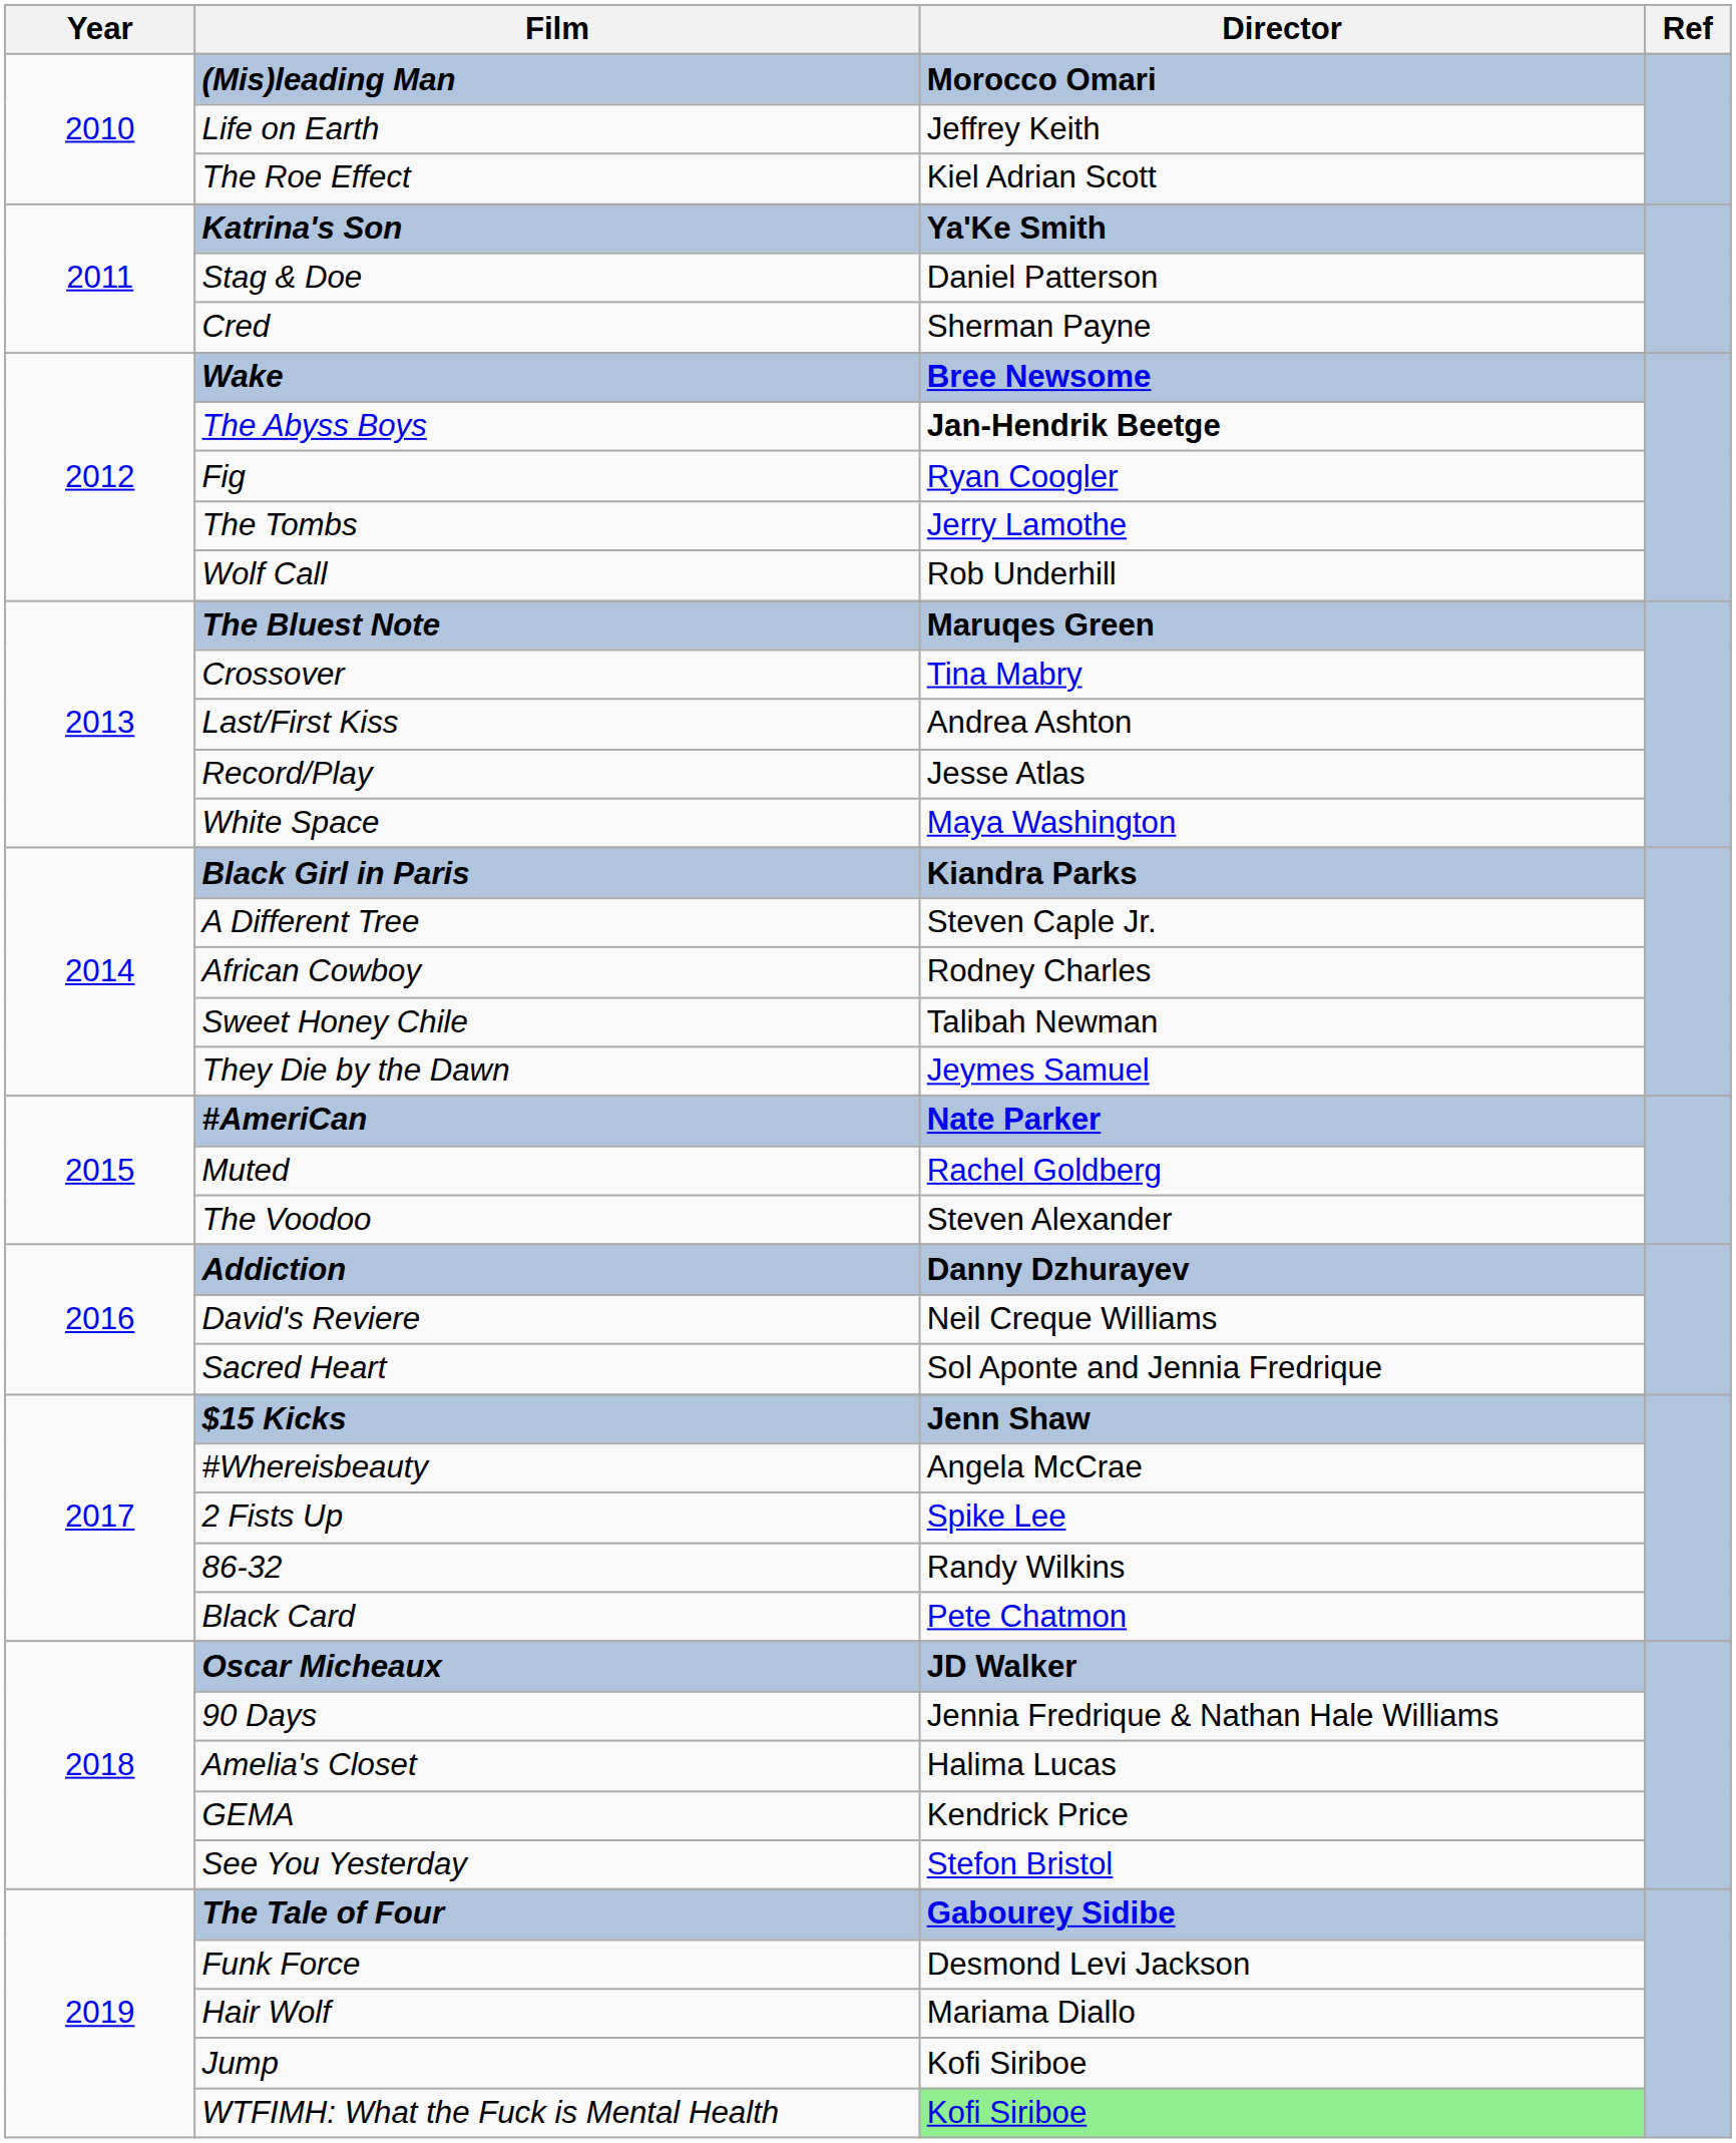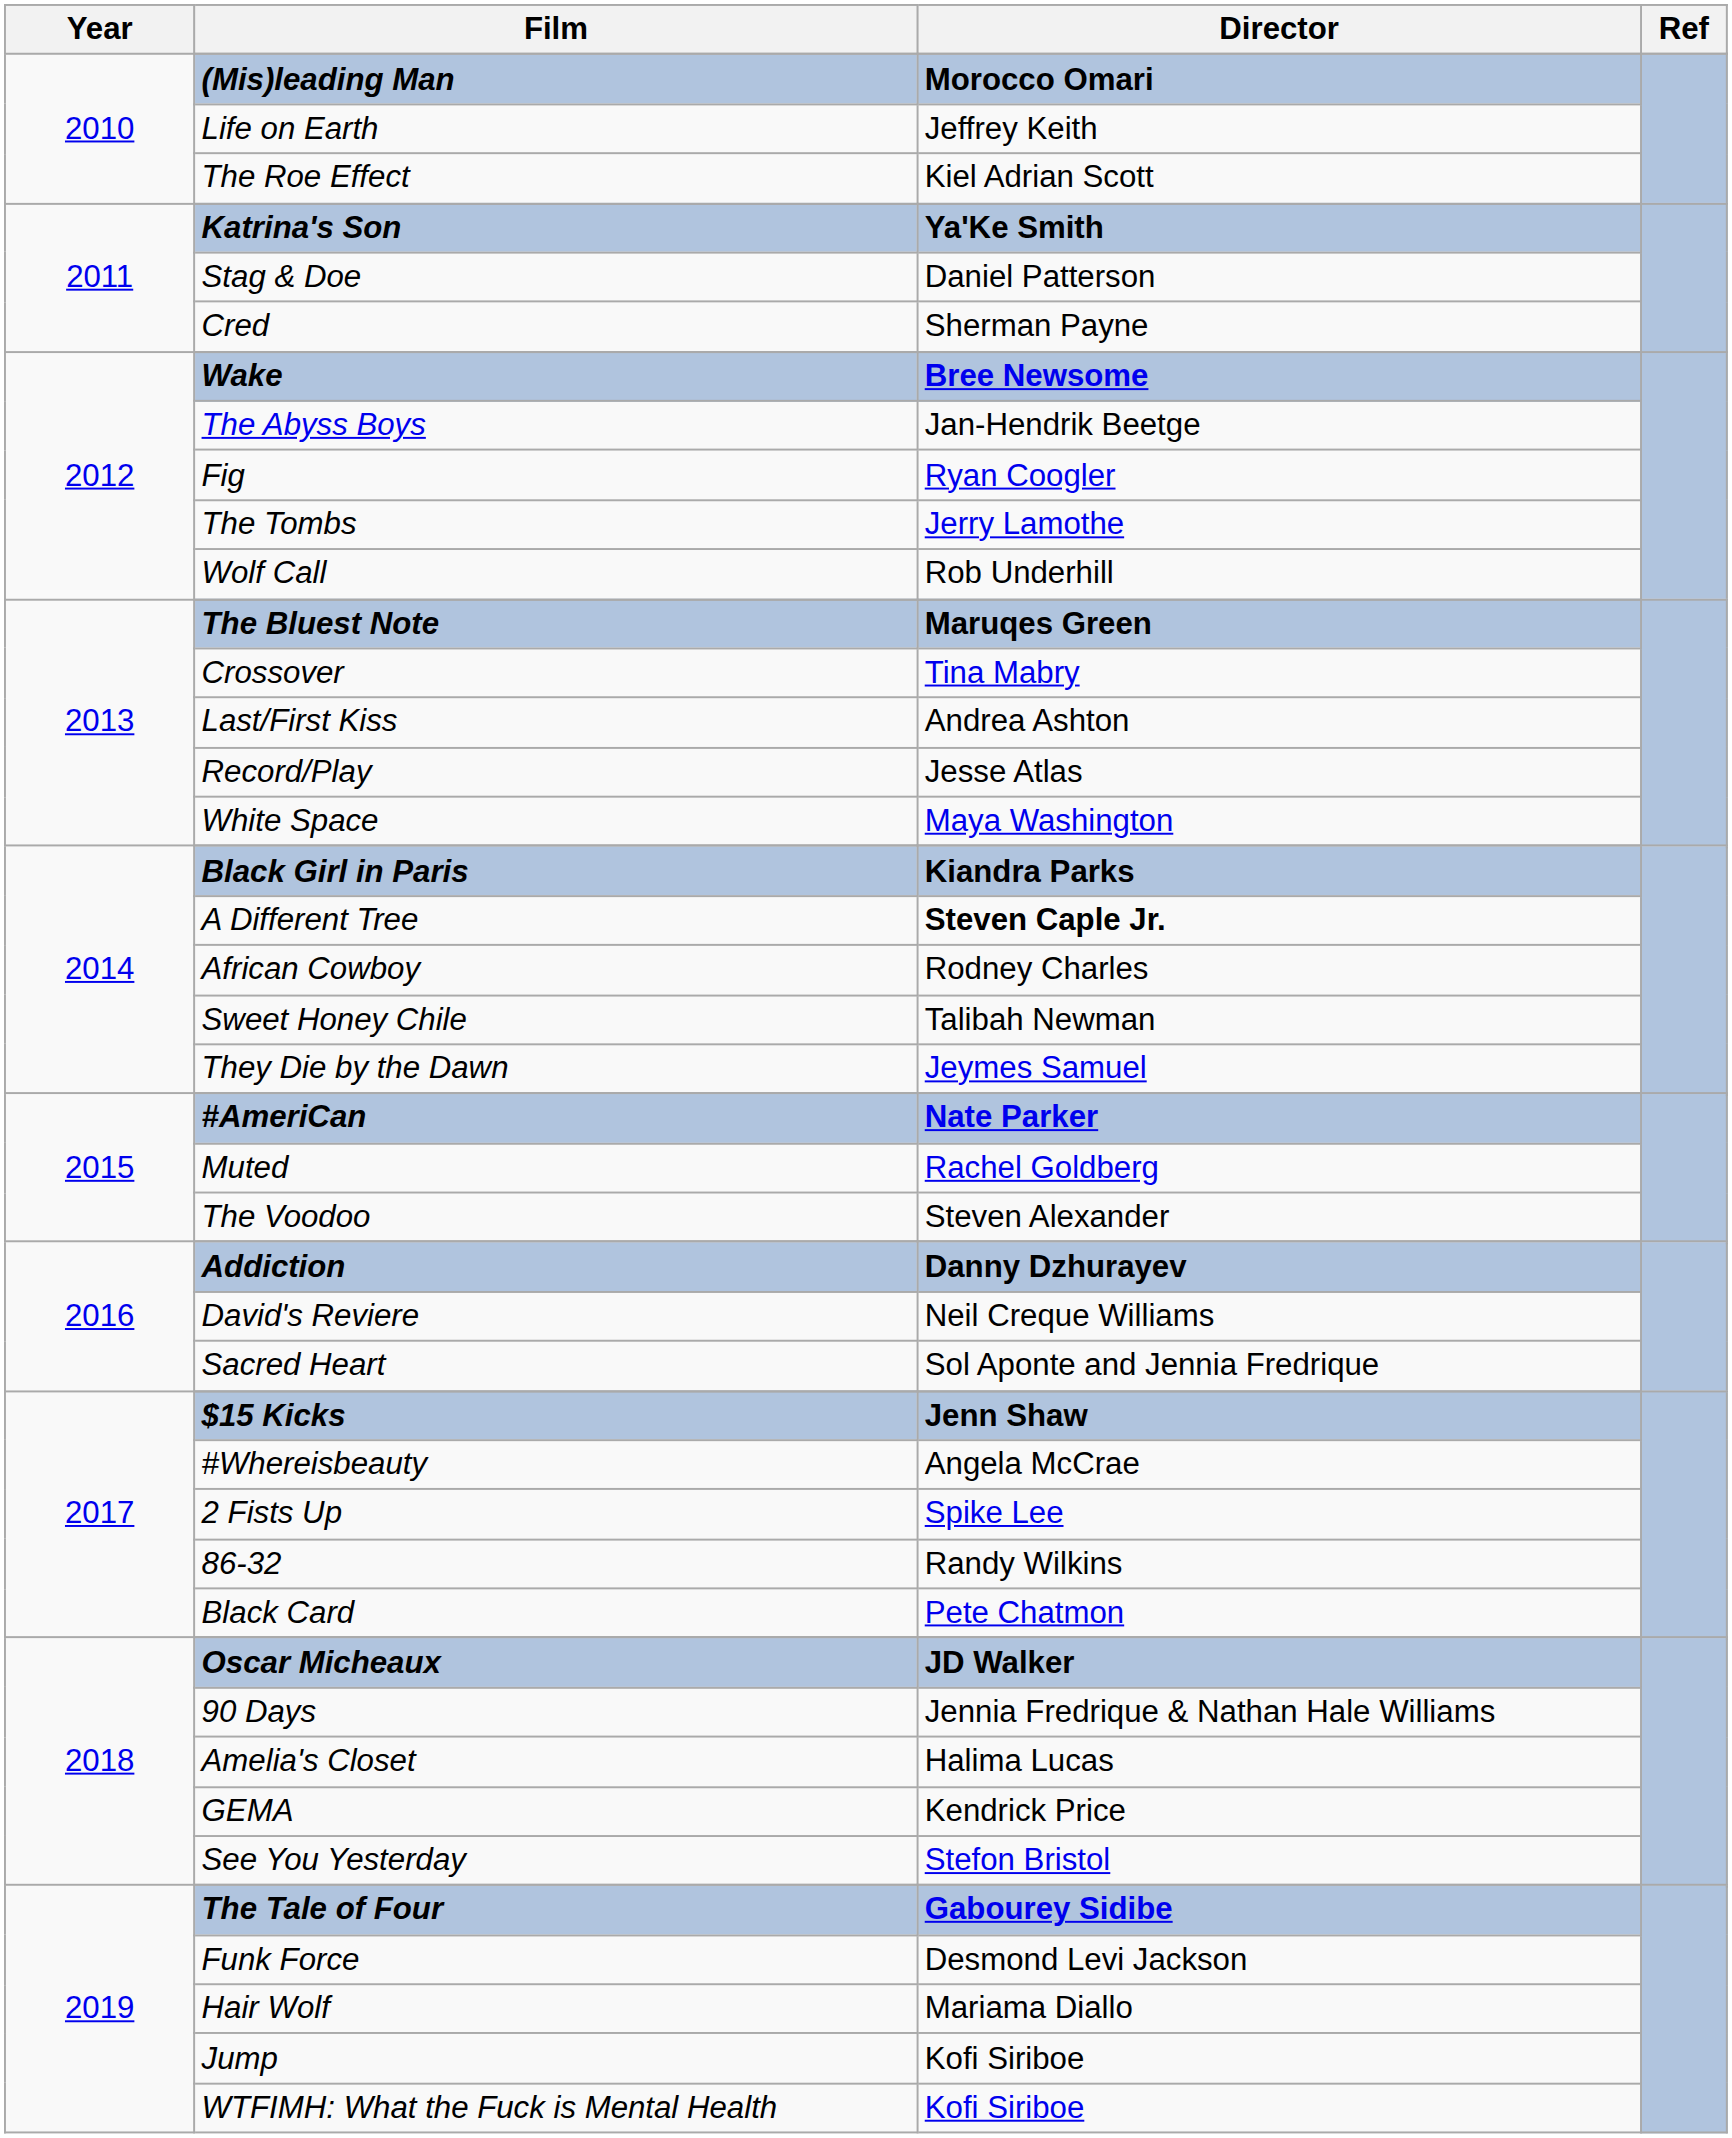 <table class="wikitable" style="width:100%;">
 <tr style="background:#bebebe;">
 <th style="width:11%;">Year</th>
 <th style="width:42%;">Film</th>
 <th style="width:42%;">Director</th>
 <th style="width:5%;">Ref</th>
 </tr>
 <tr>
 <td rowspan="4" align="center"><a href='#'>2010</a></td>
 </tr>
 <tr style="background:#B0C4DE">
 <td><strong><em>(Mis)leading Man</em></strong></td>
 <td><strong>Morocco Omari</strong></td>
 <td rowspan="4" align="center"></td>
 </tr>
 <tr>
 <td><em>Life on Earth</em></td>
 <td>Jeffrey Keith</td>
 </tr>
 <tr>
 <td><em>The Roe Effect</em></td>
 <td>Kiel Adrian Scott</td>
 </tr>
 <tr>
 <td rowspan="4" align="center"><a href='#'>2011</a></td>
 </tr>
 <tr style="background:#B0C4DE">
 <td><strong><em>Katrina's Son</em></strong></td>
 <td><strong>Ya'Ke Smith</strong></td>
 <td rowspan="4" align="center"></td>
 </tr>
 <tr>
 <td><em>Stag & Doe</em></td>
 <td>Daniel Patterson</td>
 </tr>
 <tr>
 <td><em>Cred</em></td>
 <td>Sherman Payne</td>
 </tr>
 <tr>
 <td rowspan="6" align="center"><a href='#'>2012</a></td>
 </tr>
 <tr style="background:#B0C4DE">
 <td><strong><em>Wake</em></strong></td>
 <td><strong><a href='#'>Bree Newsome</a></strong></td>
 <td rowspan="6" align="center"></td>
 </tr>
 <tr>
 <td><em><a href='#'>The Abyss Boys</a></em></td>
-<td><strong>Jan-Hendrik Beetge</strong></td>
+<td>Jan-Hendrik Beetge</td>
 </tr>
 <tr>
 <td><em>Fig</em></td>
 <td><a href='#'>Ryan Coogler</a></td>
 </tr>
 <tr>
 <td><em>The Tombs</em></td>
 <td><a href='#'>Jerry Lamothe</a></td>
 </tr>
 <tr>
 <td><em>Wolf Call</em></td>
 <td>Rob Underhill</td>
 </tr>
 <tr>
 <td rowspan="6" align="center"><a href='#'>2013</a></td>
 </tr>
 <tr style="background:#B0C4DE">
 <td><strong><em>The Bluest Note</em></strong></td>
 <td><strong>Maruqes Green</strong></td>
 <td rowspan="6" align="center"></td>
 </tr>
 <tr>
 <td><em>Crossover</em></td>
 <td><a href='#'>Tina Mabry</a></td>
 </tr>
 <tr>
 <td><em>Last/First Kiss</em></td>
 <td>Andrea Ashton</td>
 </tr>
 <tr>
 <td><em>Record/Play</em></td>
 <td>Jesse Atlas</td>
 </tr>
 <tr>
 <td><em>White Space</em></td>
 <td><a href='#'>Maya Washington</a></td>
 </tr>
 <tr>
 <td rowspan="6" align="center"><a href='#'>2014</a></td>
 </tr>
 <tr style="background:#B0C4DE">
 <td><strong><em>Black Girl in Paris</em></strong></td>
 <td><strong>Kiandra Parks</strong></td>
 <td rowspan="6" align="center"></td>
 </tr>
 <tr>
 <td><em>A Different Tree</em></td>
-<td>Steven Caple Jr.</td>
+<td><strong>Steven Caple Jr.</strong></td>
 </tr>
 <tr>
 <td><em>African Cowboy</em></td>
 <td>Rodney Charles</td>
 </tr>
 <tr>
 <td><em>Sweet Honey Chile</em></td>
 <td>Talibah Newman</td>
 </tr>
 <tr>
 <td><em>They Die by the Dawn</em></td>
 <td><a href='#'>Jeymes Samuel</a></td>
 </tr>
 <tr>
 <td rowspan="4" align="center"><a href='#'>2015</a></td>
 </tr>
 <tr style="background:#B0C4DE">
 <td><strong><em>#AmeriCan</em></strong></td>
 <td><strong><a href='#'>Nate Parker</a></strong></td>
 <td rowspan="4" align="center"></td>
 </tr>
 <tr>
 <td><em>Muted</em></td>
 <td><a href='#'>Rachel Goldberg</a></td>
 </tr>
 <tr>
 <td><em>The Voodoo</em></td>
 <td>Steven Alexander</td>
 </tr>
 <tr>
 <td rowspan="4" align="center"><a href='#'>2016</a></td>
 </tr>
 <tr style="background:#B0C4DE">
 <td><strong><em>Addiction</em></strong></td>
 <td><strong>Danny Dzhurayev</strong></td>
 <td rowspan="4" align="center"></td>
 </tr>
 <tr>
 <td><em>David's Reviere</em></td>
 <td>Neil Creque Williams</td>
 </tr>
 <tr>
 <td><em>Sacred Heart</em></td>
 <td>Sol Aponte and Jennia Fredrique</td>
 </tr>
 <tr>
 <td rowspan="6" align="center"><a href='#'>2017</a></td>
 </tr>
 <tr style="background:#B0C4DE">
 <td><strong><em>$15 Kicks</em></strong></td>
 <td><strong>Jenn Shaw</strong></td>
 <td rowspan="6" align="center"></td>
 </tr>
 <tr>
 <td><em>#Whereisbeauty</em></td>
 <td>Angela McCrae</td>
 </tr>
 <tr>
 <td><em>2 Fists Up</em></td>
 <td><a href='#'>Spike Lee</a></td>
 </tr>
 <tr>
 <td><em>86-32</em></td>
 <td>Randy Wilkins</td>
 </tr>
 <tr>
 <td><em>Black Card</em></td>
 <td><a href='#'>Pete Chatmon</a></td>
 </tr>
 <tr>
 <td rowspan="6" align="center"><a href='#'>2018</a></td>
 </tr>
 <tr style="background:#B0C4DE">
 <td><strong><em>Oscar Micheaux</em></strong></td>
 <td><strong>JD Walker</strong></td>
 <td rowspan="6" align="center"></td>
 </tr>
 <tr>
 <td><em>90 Days</em></td>
 <td>Jennia Fredrique & Nathan Hale Williams</td>
 </tr>
 <tr>
 <td><em>Amelia's Closet</em></td>
 <td>Halima Lucas</td>
 </tr>
 <tr>
 <td><em>GEMA</em></td>
 <td>Kendrick Price</td>
 </tr>
 <tr>
 <td><em>See You Yesterday</em></td>
 <td><a href='#'>Stefon Bristol</a></td>
 </tr>
 <tr>
 <td rowspan="6" align="center"><a href='#'>2019</a></td>
 </tr>
 <tr style="background:#B0C4DE">
 <td><strong><em>The Tale of Four</em></strong></td>
 <td><strong><a href='#'>Gabourey Sidibe</a></strong></td>
 <td rowspan="6" align="center"></td>
 </tr>
 <tr>
 <td><em>Funk Force</em></td>
 <td>Desmond Levi Jackson</td>
 </tr>
 <tr>
 <td><em>Hair Wolf</em></td>
 <td>Mariama Diallo</td>
 </tr>
 <tr>
 <td><em>Jump</em></td>
 <td>Kofi Siriboe</td>
 </tr>
 <tr>
 <td><em>WTFIMH: What the Fuck is Mental Health</em></td>
-<td style="background: lightgreen;"><a href='#'>Kofi Siriboe</a></td>
+<td><a href='#'>Kofi Siriboe</a></td>
 </tr>
 </table>
